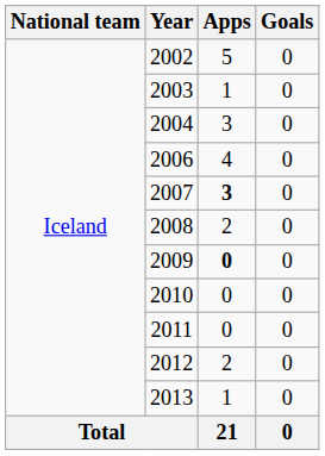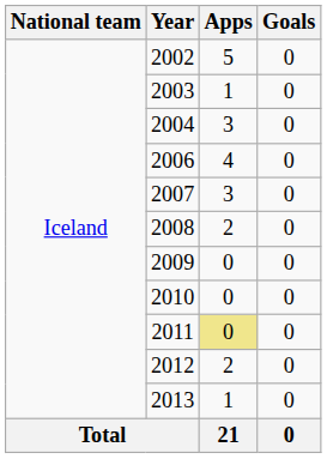 <table class="wikitable" style="text-align:center;">
 <tr>
 <th>National team</th>
 <th>Year</th>
 <th>Apps</th>
 <th>Goals</th>
 </tr>
 <tr>
 <td rowspan="11"><a href='#'>Iceland</a></td>
 <td>2002</td>
 <td>5</td>
 <td>0</td>
 </tr>
 <tr>
 <td>2003</td>
 <td>1</td>
 <td>0</td>
 </tr>
 <tr>
 <td>2004</td>
 <td>3</td>
 <td>0</td>
 </tr>
 <tr>
 <td>2006</td>
 <td>4</td>
 <td>0</td>
 </tr>
 <tr>
 <td>2007</td>
-<td><strong>3</strong></td>
+<td>3</td>
 <td>0</td>
 </tr>
 <tr>
 <td>2008</td>
 <td>2</td>
 <td>0</td>
 </tr>
 <tr>
 <td>2009</td>
-<td><strong>0</strong></td>
+<td>0</td>
 <td>0</td>
 </tr>
 <tr>
 <td>2010</td>
 <td>0</td>
 <td>0</td>
 </tr>
 <tr>
 <td>2011</td>
-<td>0</td>
+<td style="background: khaki;">0</td>
 <td>0</td>
 </tr>
 <tr>
 <td>2012</td>
 <td>2</td>
 <td>0</td>
 </tr>
 <tr>
 <td>2013</td>
 <td>1</td>
 <td>0</td>
 </tr>
 <tr>
 <th colspan=2>Total</th>
 <th>21</th>
 <th>0</th>
 </tr>
 </table>
